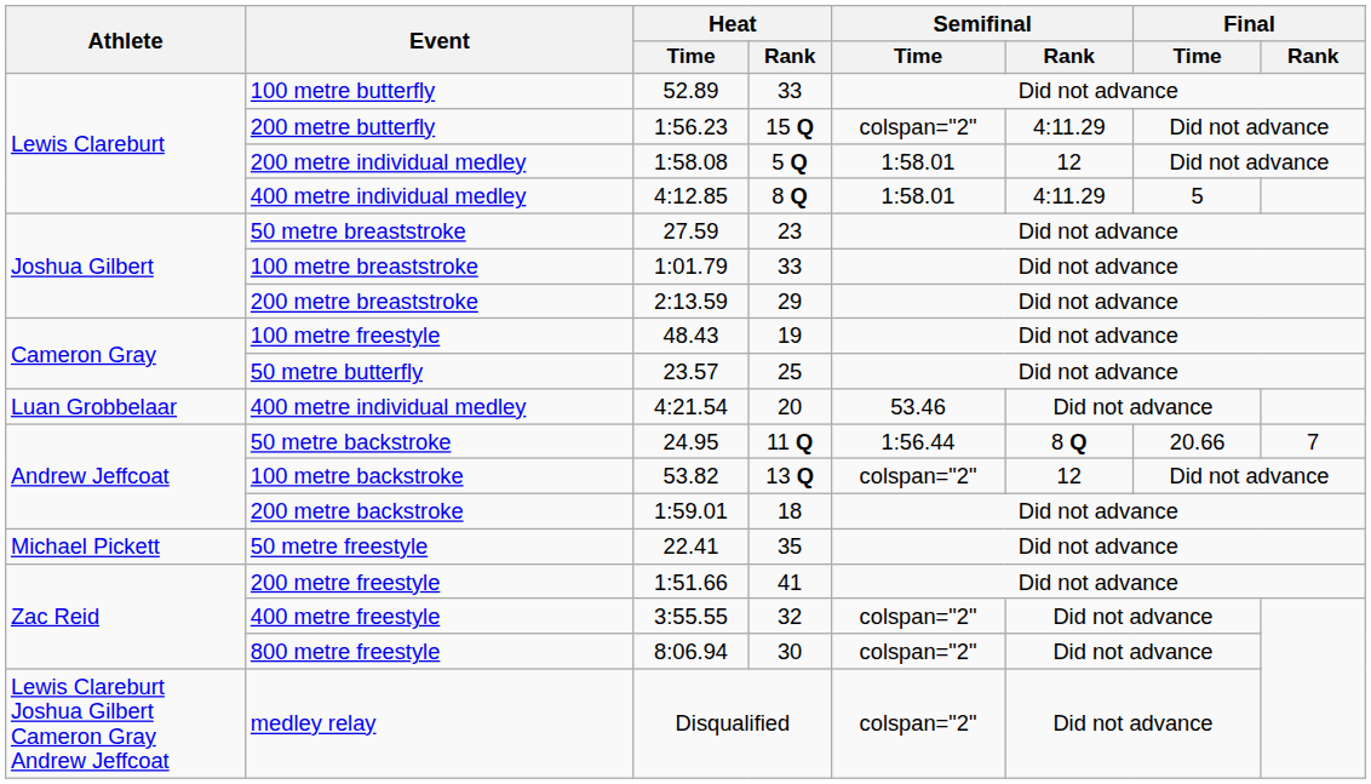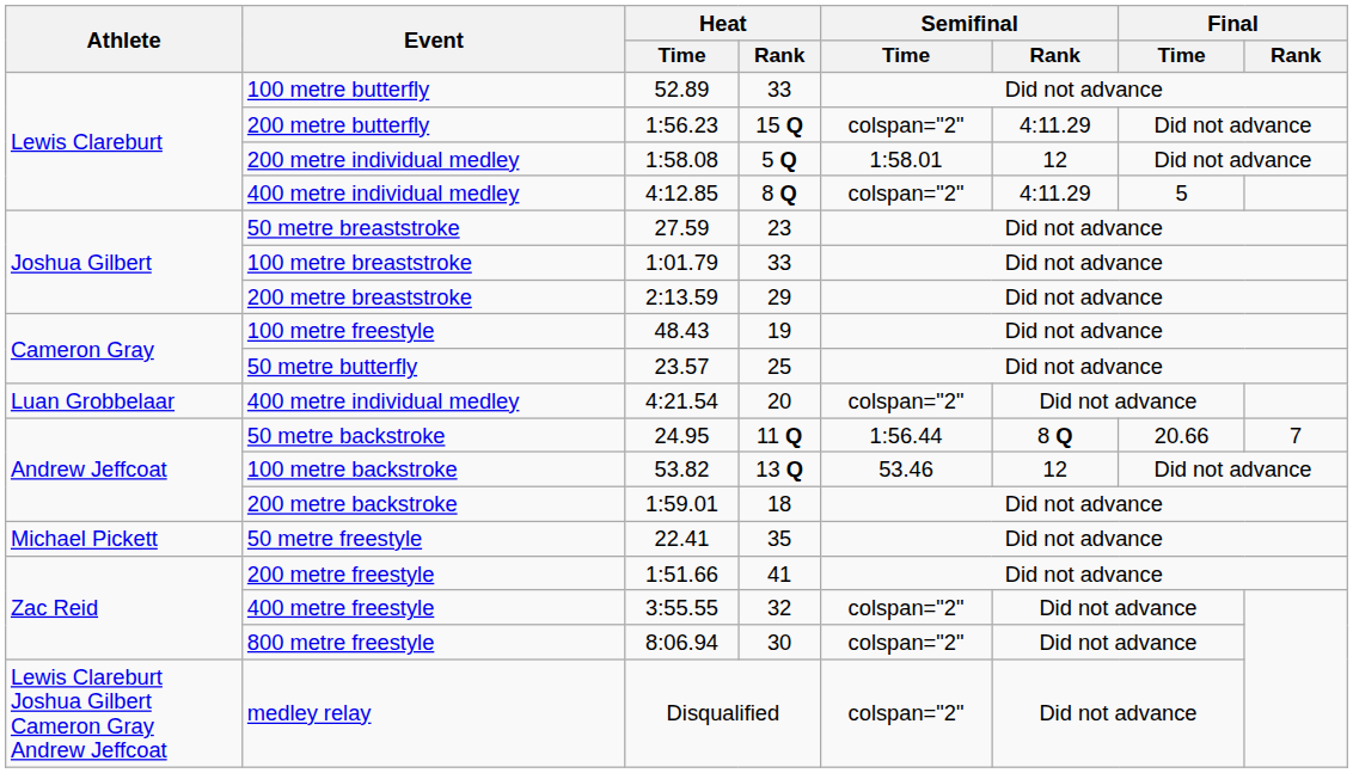 <table class="wikitable" style="text-align:center; font-size:90%; width:70%;">
 <tr>
 <th rowspan="2">Athlete</th>
 <th rowspan="2">Event</th>
 <th colspan="2">Heat</th>
 <th colspan="2">Semifinal</th>
 <th colspan="2">Final</th>
 </tr>
 <tr style="font-size:95%">
 <th>Time</th>
 <th>Rank</th>
 <th>Time</th>
 <th>Rank</th>
 <th>Time</th>
 <th>Rank</th>
 </tr>
 <tr>
 <td align=left rowspan=4><a href='#'>Lewis Clareburt</a></td>
 <td align=left><a href='#'>100 metre butterfly</a></td>
 <td>52.89</td>
 <td>33</td>
 <td colspan=4>Did not advance</td>
 </tr>
 <tr>
 <td align=left><a href='#'>200 metre butterfly</a></td>
 <td>1:56.23</td>
 <td>15 <strong>Q</strong></td>
 <td>colspan="2" </td>
 <td>4:11.29</td>
 <td colspan="2">Did not advance</td>
 </tr>
 <tr>
 <td align=left><a href='#'>200 metre individual medley</a></td>
 <td>1:58.08</td>
 <td>5 <strong>Q</strong></td>
 <td>1:58.01</td>
 <td>12</td>
 <td colspan="2">Did not advance</td>
 </tr>
 <tr>
 <td align=left><a href='#'>400 metre individual medley</a></td>
 <td>4:12.85</td>
 <td>8 <strong>Q</strong></td>
-<td>1:58.01</td>
+<td>colspan="2" </td>
 <td>4:11.29</td>
 <td>5</td>
 </tr>
 <tr>
 <td align=left rowspan=3><a href='#'>Joshua Gilbert</a></td>
 <td align=left><a href='#'>50 metre breaststroke</a></td>
 <td>27.59</td>
 <td>23</td>
 <td colspan=4>Did not advance</td>
 </tr>
 <tr>
 <td align=left><a href='#'>100 metre breaststroke</a></td>
 <td>1:01.79</td>
 <td>33</td>
 <td colspan=4>Did not advance</td>
 </tr>
 <tr>
 <td align=left><a href='#'>200 metre breaststroke</a></td>
 <td>2:13.59</td>
 <td>29</td>
 <td colspan=4>Did not advance</td>
 </tr>
 <tr>
 <td align=left rowspan=2><a href='#'>Cameron Gray</a></td>
 <td align=left><a href='#'>100 metre freestyle</a></td>
 <td>48.43</td>
 <td>19</td>
 <td colspan=4>Did not advance</td>
 </tr>
 <tr>
 <td align=left><a href='#'>50 metre butterfly</a></td>
 <td>23.57</td>
 <td>25</td>
 <td colspan=4>Did not advance</td>
 </tr>
 <tr>
 <td align=left><a href='#'>Luan Grobbelaar</a></td>
 <td align=left><a href='#'>400 metre individual medley</a></td>
 <td>4:21.54</td>
 <td>20</td>
-<td>53.46</td>
+<td>colspan="2" </td>
 <td colspan="2">Did not advance</td>
 </tr>
 <tr>
 <td align=left rowspan=3><a href='#'>Andrew Jeffcoat</a></td>
 <td align=left><a href='#'>50 metre backstroke</a></td>
 <td>24.95</td>
 <td>11 <strong>Q</strong></td>
 <td>1:56.44</td>
 <td>8 <strong>Q</strong></td>
 <td>20.66</td>
 <td>7</td>
 </tr>
 <tr>
 <td align=left><a href='#'>100 metre backstroke</a></td>
 <td>53.82</td>
 <td>13 <strong>Q</strong></td>
-<td>colspan="2" </td>
+<td>53.46</td>
 <td>12</td>
 <td colspan="2">Did not advance</td>
 </tr>
 <tr>
 <td align=left><a href='#'>200 metre backstroke</a></td>
 <td>1:59.01</td>
 <td>18</td>
 <td colspan=4>Did not advance</td>
 </tr>
 <tr>
 <td align=left><a href='#'>Michael Pickett</a></td>
 <td align=left><a href='#'>50 metre freestyle</a></td>
 <td>22.41</td>
 <td>35</td>
 <td colspan=4>Did not advance</td>
 </tr>
 <tr>
 <td align=left rowspan=3><a href='#'>Zac Reid</a></td>
 <td align=left><a href='#'>200 metre freestyle</a></td>
 <td>1:51.66</td>
 <td>41</td>
 <td colspan=4>Did not advance</td>
 </tr>
 <tr>
 <td align=left><a href='#'>400 metre freestyle</a></td>
 <td>3:55.55</td>
 <td>32</td>
 <td>colspan="2" </td>
 <td colspan="2">Did not advance</td>
 </tr>
 <tr>
 <td align=left><a href='#'>800 metre freestyle</a></td>
 <td>8:06.94</td>
 <td>30</td>
 <td>colspan="2" </td>
 <td colspan="2">Did not advance</td>
 </tr>
 <tr>
 <td align=left><a href='#'>Lewis Clareburt</a> <br> <a href='#'>Joshua Gilbert</a> <br> <a href='#'>Cameron Gray</a> <br> <a href='#'>Andrew Jeffcoat</a></td>
 <td align=left><a href='#'> medley relay</a></td>
 <td colspan=2>Disqualified</td>
 <td>colspan="2" </td>
 <td colspan=2>Did not advance</td>
 </tr>
 </table>
